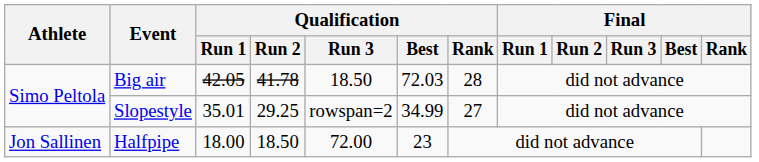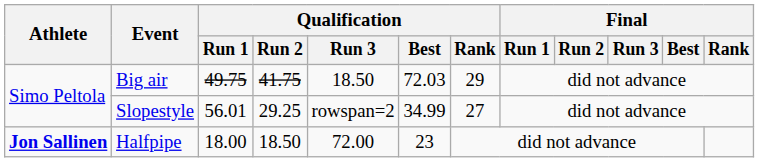 <table class=wikitable style=font-size:90%;text-align:center>
 <tr>
 <th rowspan=2>Athlete</th>
 <th rowspan=2>Event</th>
 <th colspan=5>Qualification</th>
 <th colspan=5>Final</th>
 </tr>
 <tr style=font-size:95%>
 <th>Run 1</th>
 <th>Run 2</th>
 <th>Run 3</th>
 <th>Best</th>
 <th>Rank</th>
 <th>Run 1</th>
 <th>Run 2</th>
 <th>Run 3</th>
 <th>Best</th>
 <th>Rank</th>
 </tr>
 <tr>
 <td align=left rowspan=2><a href='#'>Simo Peltola</a></td>
 <td align=left><a href='#'>Big air</a></td>
-<td><s>42.05</s></td>
-<td><s>41.78</s></td>
+<td><s>49.75</s></td>
+<td><s>41.75</s></td>
 <td>18.50</td>
 <td>72.03</td>
-<td>28</td>
+<td>29</td>
 <td colspan=5>did not advance</td>
 </tr>
 <tr>
 <td align=left><a href='#'>Slopestyle</a></td>
-<td>35.01</td>
+<td>56.01</td>
 <td>29.25</td>
 <td>rowspan=2 </td>
 <td>34.99</td>
 <td>27</td>
 <td colspan=5>did not advance</td>
 </tr>
 <tr>
-<td align=left><a href='#'>Jon Sallinen</a></td>
+<td align=left><strong><a href='#'>Jon Sallinen</a></strong></td>
 <td align=left><a href='#'>Halfpipe</a></td>
 <td>18.00</td>
 <td>18.50</td>
 <td>72.00</td>
 <td>23</td>
 <td colspan=5>did not advance</td>
 </tr>
 </table>
